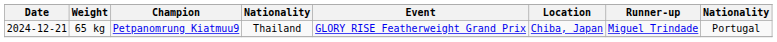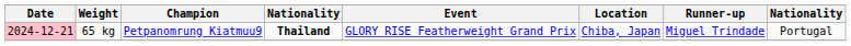 <table class="wikitable" style="text-align:center">
 <tr>
 </tr>
 <tr bgcolor="#dddddd">
 <th>Date</th>
 <th>Weight</th>
 <th>Champion</th>
 <th>Nationality</th>
 <th>Event</th>
 <th>Location</th>
 <th>Runner-up</th>
 <th>Nationality</th>
 </tr>
 <tr>
-<td>2024-12-21</td>
+<td style="background: pink;">2024-12-21</td>
 <td>65 kg</td>
 <td><a href='#'>Petpanomrung Kiatmuu9</a></td>
-<td> Thailand</td>
+<td><strong> Thailand</strong></td>
 <td><a href='#'>GLORY RISE Featherweight Grand Prix</a></td>
 <td><a href='#'>Chiba, Japan</a></td>
 <td><a href='#'>Miguel Trindade</a></td>
 <td> Portugal</td>
 </tr>
 <tr>
 </tr>
 </table>
